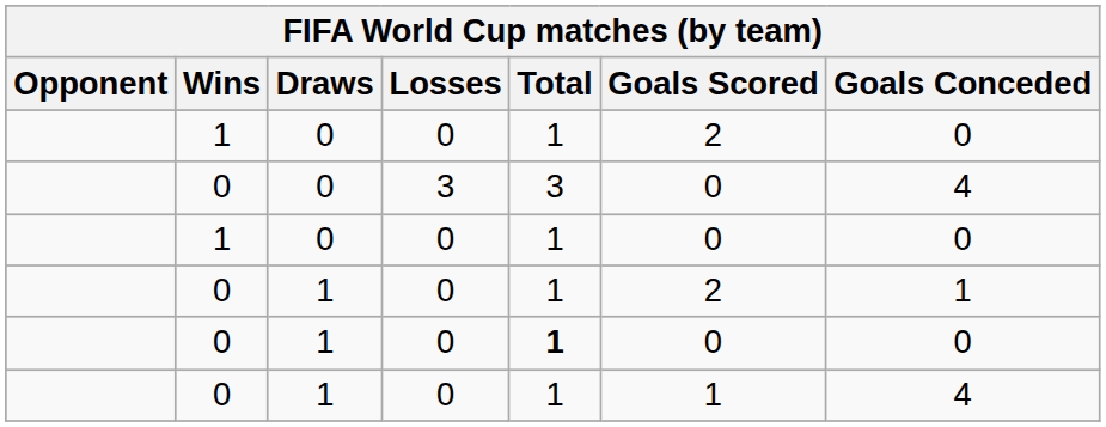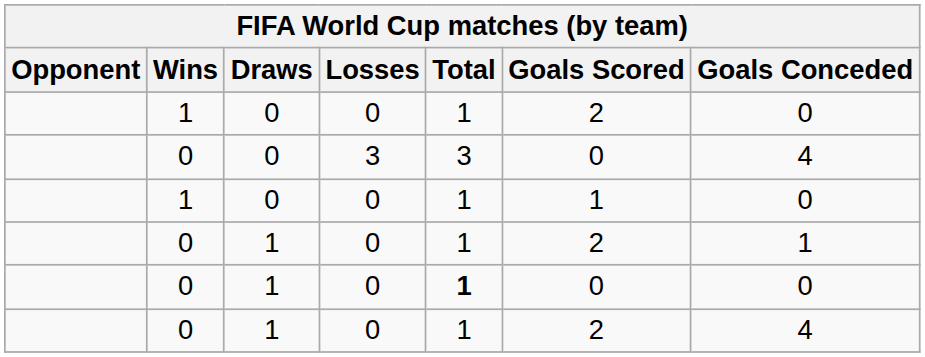 <table class="wikitable sortable" style="text-align: center;">
 <tr>
 <th colspan=7>FIFA World Cup matches (by team)</th>
 </tr>
 <tr>
 <th>Opponent</th>
 <th>Wins</th>
 <th>Draws</th>
 <th>Losses</th>
 <th>Total</th>
 <th>Goals Scored</th>
 <th>Goals Conceded</th>
 </tr>
 <tr>
 <td align="left"></td>
 <td>1</td>
 <td>0</td>
 <td>0</td>
 <td>1</td>
 <td>2</td>
 <td>0</td>
 </tr>
 <tr>
 <td align="left"></td>
 <td>0</td>
 <td>0</td>
 <td>3</td>
 <td>3</td>
 <td>0</td>
 <td>4</td>
 </tr>
 <tr>
 <td align="left"></td>
 <td>1</td>
 <td>0</td>
 <td>0</td>
 <td>1</td>
-<td>0</td>
+<td>1</td>
 <td>0</td>
 </tr>
 <tr>
 <td align="left"></td>
 <td>0</td>
 <td>1</td>
 <td>0</td>
 <td>1</td>
 <td>2</td>
 <td>1</td>
 </tr>
 <tr>
 <td align="left"></td>
 <td>0</td>
 <td>1</td>
 <td>0</td>
 <td><strong>1</strong></td>
 <td>0</td>
 <td>0</td>
 </tr>
 <tr>
 <td align="left"></td>
 <td>0</td>
 <td>1</td>
 <td>0</td>
 <td>1</td>
-<td>1</td>
+<td>2</td>
 <td>4</td>
 </tr>
 </table>
